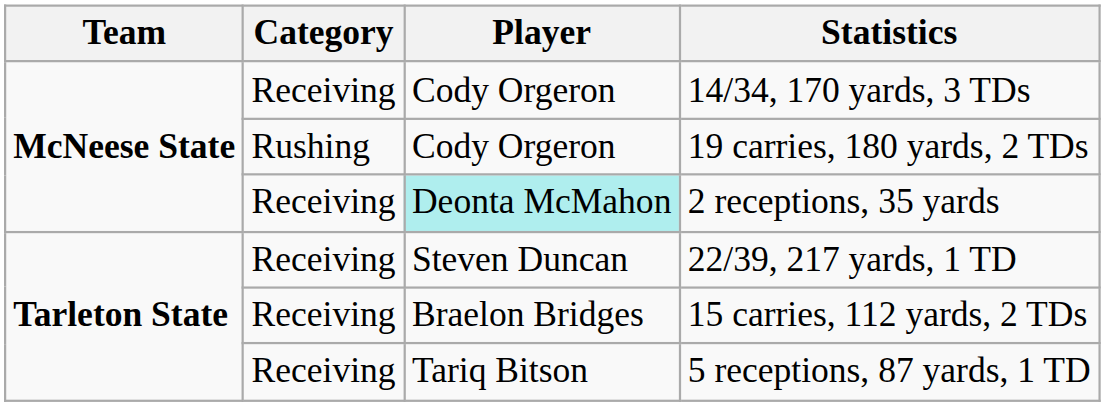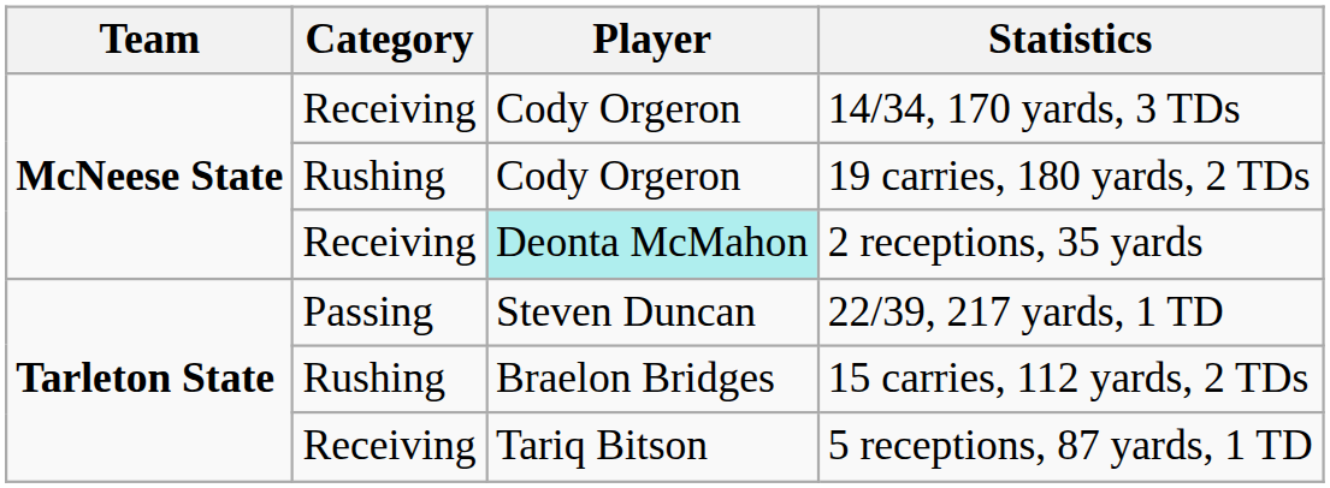 <table class="wikitable" style="float: left;">
 <tr>
 <th>Team</th>
 <th>Category</th>
 <th>Player</th>
 <th>Statistics</th>
 </tr>
 <tr>
 <td rowspan=3><strong>McNeese State</strong></td>
 <td>Receiving</td>
 <td>Cody Orgeron</td>
 <td>14/34, 170 yards, 3 TDs</td>
 </tr>
 <tr>
 <td>Rushing</td>
 <td>Cody Orgeron</td>
 <td>19 carries, 180 yards, 2 TDs</td>
 </tr>
 <tr>
 <td>Receiving</td>
 <td style="background: paleturquoise;">Deonta McMahon</td>
 <td>2 receptions, 35 yards</td>
 </tr>
 <tr>
 <td rowspan=3><strong>Tarleton State</strong></td>
-<td>Receiving</td>
+<td>Passing</td>
 <td>Steven Duncan</td>
 <td>22/39, 217 yards, 1 TD</td>
 </tr>
 <tr>
-<td>Receiving</td>
+<td>Rushing</td>
 <td>Braelon Bridges</td>
 <td>15 carries, 112 yards, 2 TDs</td>
 </tr>
 <tr>
 <td>Receiving</td>
 <td>Tariq Bitson</td>
 <td>5 receptions, 87 yards, 1 TD</td>
 </tr>
 </table>
